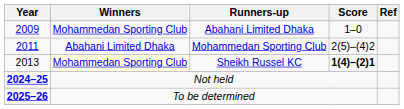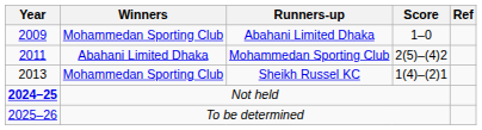 <table class="wikitable" style="text-align: center;">
 <tr>
 <th>Year</th>
 <th>Winners</th>
 <th>Runners-up</th>
 <th>Score</th>
 <th>Ref</th>
 </tr>
 <tr>
 <td><a href='#'>2009</a></td>
 <td><a href='#'>Mohammedan Sporting Club</a></td>
 <td><a href='#'>Abahani Limited Dhaka</a></td>
 <td>1–0</td>
 <td></td>
 </tr>
 <tr>
 <td><a href='#'>2011</a></td>
 <td><a href='#'>Abahani Limited Dhaka</a></td>
 <td><a href='#'>Mohammedan Sporting Club</a></td>
 <td>2(5)–(4)2</td>
 <td></td>
 </tr>
 <tr>
 <td>2013</td>
-<td style="background: lightyellow;"><a href='#'>Mohammedan Sporting Club</a></td>
+<td><a href='#'>Mohammedan Sporting Club</a></td>
 <td><a href='#'>Sheikh Russel KC</a></td>
-<td><strong>1(4)–(2)1</strong></td>
+<td>1(4)–(2)1</td>
 </tr>
 <tr>
 <td><strong><a href='#'>2024–25</a></strong></td>
 <td colspan=3><em>Not held</em></td>
 <td></td>
 </tr>
 <tr>
-<td><strong><a href='#'>2025–26</a></strong></td>
+<td><a href='#'>2025–26</a></td>
 <td colspan=3><em>To be determined</em></td>
 <td></td>
 </tr>
 </table>
